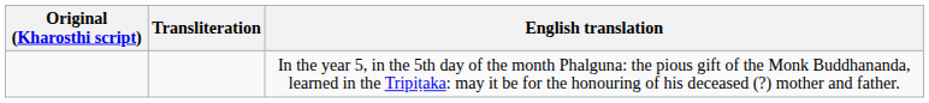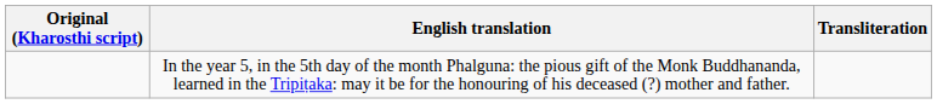 <table class ="wikitable" style="text-align:center">
 <tr>
 <th>Original (<a href='#'>Kharosthi script</a>)</th>
+<th>English translation</th>
 <th>Transliteration</th>
-<th>English translation</th>
 </tr>
 <tr>
 <td></td>
+<td>In the year 5, in the 5th day of the month Phalguna: the pious gift of the Monk Buddhananda, learned in the <a href='#'>Tripiṭaka</a>: may it be for the honouring of his deceased (?) mother and father.</td>
 <td></td>
-<td>In the year 5, in the 5th day of the month Phalguna: the pious gift of the Monk Buddhananda, learned in the <a href='#'>Tripiṭaka</a>: may it be for the honouring of his deceased (?) mother and father.</td>
 </tr>
 </table>
